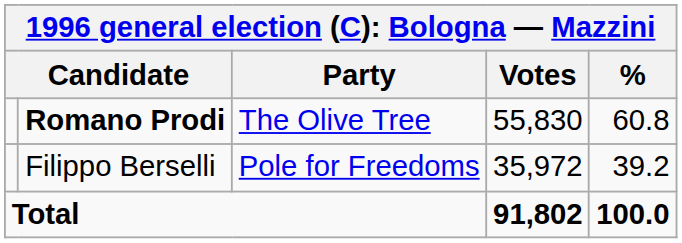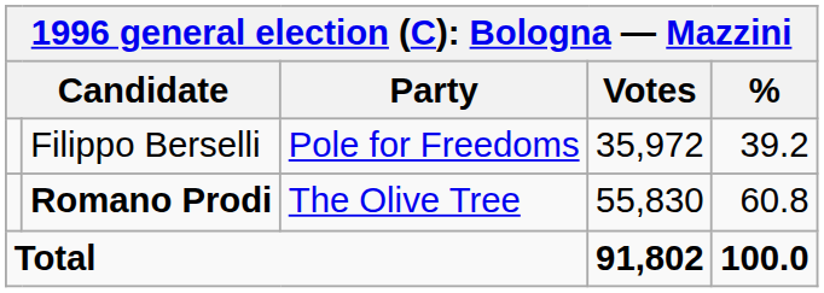 <table class=wikitable style=text-align:right>
 <tr>
 <th colspan=5><a href='#'>1996 general election</a> (<a href='#'>C</a>): <a href='#'>Bologna</a> — <a href='#'>Mazzini</a></th>
 </tr>
 <tr>
 <th colspan=2>Candidate</th>
 <th>Party</th>
 <th>Votes</th>
 <th>%</th>
 </tr>
 <tr>
 <td></td>
+<td align=left>Filippo Berselli</td>
+<td align=left><a href='#'>Pole for Freedoms</a></td>
+<td>35,972</td>
+<td>39.2</td>
+</tr>
+<tr>
+<td></td>
 <td align=left><strong>Romano Prodi</strong></td>
 <td align=left><a href='#'>The Olive Tree</a></td>
 <td>55,830</td>
 <td>60.8</td>
-</tr>
-<tr>
-<td></td>
-<td align=left>Filippo Berselli</td>
-<td align=left><a href='#'>Pole for Freedoms</a></td>
-<td>35,972</td>
-<td>39.2</td>
 </tr>
 <tr>
 <td align=left colspan=3><strong>Total</strong></td>
 <td><strong>91,802</strong></td>
 <td><strong>100.0</strong></td>
 </tr>
 </table>
